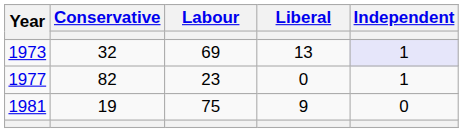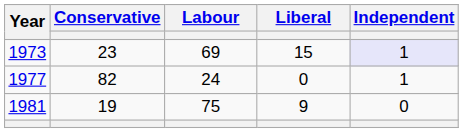 <table class="wikitable">
 <tr>
 <th rowspan=2>Year</th>
 <th style="width:80px;"><a href='#'><strong>Conservative</strong></a></th>
 <th style="width:80px;"><a href='#'><strong>Labour</strong></a></th>
 <th style="width:80px;"><a href='#'><strong>Liberal</strong></a></th>
 <th style="width:80px;"><a href='#'><strong>Independent</strong></a></th>
 </tr>
 <tr>
 <th style="background:"></th>
 <th style="background:"></th>
 <th style="background:"></th>
 <th style="background:"></th>
 </tr>
 <tr>
 <td><a href='#'>1973</a></td>
-<td align=center>32</td>
+<td align=center>23</td>
 <td align=center>69</td>
-<td align=center>13</td>
+<td align=center>15</td>
 <td align=center style="background: lavender;">1</td>
 </tr>
 <tr>
 <td><a href='#'>1977</a></td>
 <td align=center>82</td>
-<td align=center>23</td>
+<td align=center>24</td>
 <td align=center>0</td>
 <td align=center>1</td>
 </tr>
 <tr>
 <td><a href='#'>1981</a></td>
 <td align=center>19</td>
 <td align=center>75</td>
 <td align=center>9</td>
 <td align=center>0</td>
 </tr>
 <tr>
 <th></th>
 <th style="background:"></th>
 <th style="background:"></th>
 <th style="background:"></th>
 <th style="background:"></th>
 </tr>
 </table>
